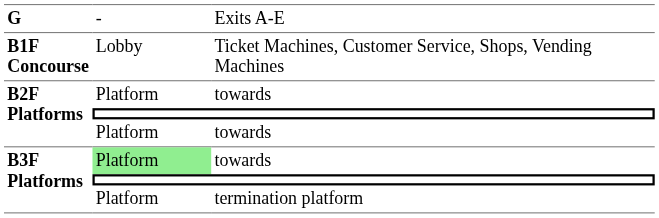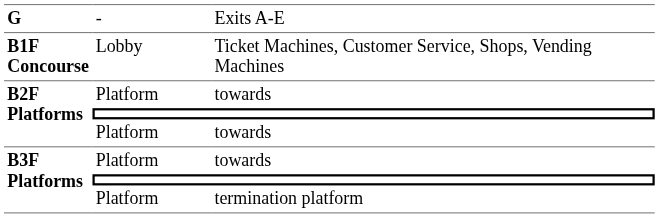 <table table border=0 cellspacing=0 cellpadding=3>
 <tr>
 <td style="border-top:solid 1px gray;" width=50 valign=top><strong>G</strong></td>
 <td style="border-top:solid 1px gray;" width=100 valign=top>-</td>
 <td style="border-top:solid 1px gray;" width=390 valign=top>Exits A-E</td>
 </tr>
 <tr>
 <td style="border-bottom:solid 1px gray; border-top:solid 1px gray;" valign=top width=50><strong>B1F<br>Concourse</strong></td>
 <td style="border-bottom:solid 1px gray; border-top:solid 1px gray;" valign=top width=100>Lobby</td>
 <td style="border-bottom:solid 1px gray; border-top:solid 1px gray;" valign=top width=390>Ticket Machines, Customer Service, Shops, Vending Machines</td>
 </tr>
 <tr>
 <td style="border-bottom:solid 1px gray;" rowspan="3" valign=top><strong>B2F<br> Platforms</strong></td>
 <td>Platform</td>
 <td>  towards  </td>
 </tr>
 <tr>
 <td style="border-right:solid 2px black;border-left:solid 2px black;border-top:solid 2px black;border-bottom:solid 2px black;text-align:center;" colspan=2></td>
 </tr>
 <tr>
 <td style="border-bottom:solid 1px gray;">Platform</td>
 <td style="border-bottom:solid 1px gray;">  towards   </td>
 </tr>
 <tr>
 <td style="border-bottom:solid 1px gray;" rowspan="3" valign=top><strong>B3F<br> Platforms</strong></td>
-<td style="background: lightgreen;">Platform</td>
+<td>Platform</td>
 <td>  towards  </td>
 </tr>
 <tr>
 <td style="border-right:solid 2px black;border-left:solid 2px black;border-top:solid 2px black;border-bottom:solid 2px black;text-align:center;" colspan=2></td>
 </tr>
 <tr>
 <td style="border-bottom:solid 1px gray;">Platform</td>
 <td style="border-bottom:solid 1px gray;">  termination platform </td>
 </tr>
 </table>
